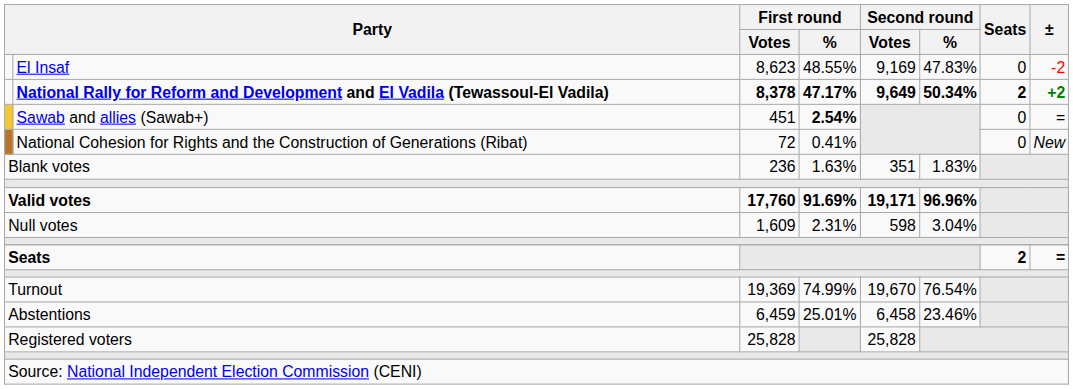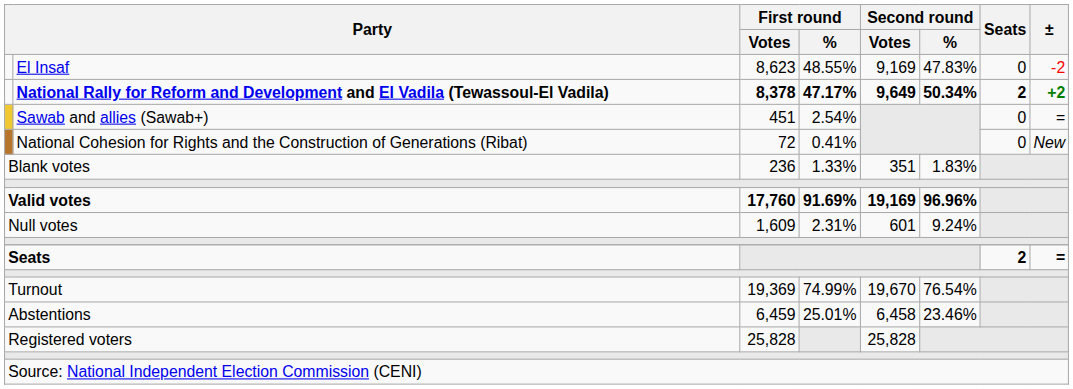 <table class="wikitable" style="text-align:right;font-size:95%;">
 <tr>
 <th rowspan="2" colspan="2" width="700">Party</th>
 <th colspan="2">First round</th>
 <th colspan="2">Second round</th>
 <th rowspan="2" width="25">Seats</th>
 <th rowspan="2" width="20">±</th>
 </tr>
 <tr>
 <th width="50">Votes</th>
 <th width="50">%</th>
 <th width="50">Votes</th>
 <th width="50">%</th>
 </tr>
 <tr>
 <td width="1" style="color:inherit;background:"></td>
 <td style="text-align:left;"><a href='#'>El Insaf</a></td>
 <td>8,623</td>
 <td>48.55%</td>
 <td>9,169</td>
 <td>47.83%</td>
 <td>0</td>
 <td style="color:red;">-2</td>
 </tr>
 <tr>
 <td width="1" style="color:inherit;background:"></td>
 <td style="text-align:left;"><strong><a href='#'>National Rally for Reform and Development</a> and <a href='#'>El Vadila</a> (Tewassoul-El Vadila)</strong></td>
 <td><strong>8,378</strong></td>
 <td><strong>47.17%</strong></td>
 <td><strong>9,649</strong></td>
 <td><strong>50.34%</strong></td>
 <td><strong>2</strong></td>
 <td style="color:green;"><strong>+2</strong></td>
 </tr>
 <tr>
 <td width="1" style="color:inherit;background:#F0C832;"></td>
 <td style="text-align:left;"><a href='#'>Sawab</a> and <a href='#'>allies</a> (Sawab+)</td>
 <td>451</td>
-<td><strong>2.54%</strong></td>
+<td>2.54%</td>
 <td colspan="2" rowspan="2" style="background:#E9E9E9;"></td>
 <td>0</td>
 <td>=</td>
 </tr>
 <tr>
 <td width="1" style="color:inherit;background:#B7752C;"></td>
 <td style="text-align:left;">National Cohesion for Rights and the Construction of Generations (Ribat)</td>
 <td>72</td>
 <td>0.41%</td>
 <td>0</td>
 <td><em>New</em></td>
 </tr>
 <tr>
 <td colspan="2" style="text-align:left;">Blank votes</td>
 <td>236</td>
-<td>1.63%</td>
+<td>1.33%</td>
 <td>351</td>
 <td>1.83%</td>
 <td colspan="2" style="background:#E9E9E9;"></td>
 </tr>
 <tr>
 <td colspan="8" style="background:#E9E9E9;"></td>
 </tr>
 <tr style="font-weight:bold;">
 <td colspan="2" style="text-align:left;">Valid votes</td>
 <td>17,760</td>
 <td>91.69%</td>
-<td>19,171</td>
+<td>19,169</td>
 <td>96.96%</td>
 <td colspan="2" style="background:#E9E9E9;"></td>
 </tr>
 <tr>
 <td colspan="2" style="text-align:left;">Null votes</td>
 <td>1,609</td>
 <td>2.31%</td>
-<td>598</td>
-<td>3.04%</td>
+<td>601</td>
+<td>9.24%</td>
 <td colspan="2" style="background:#E9E9E9;"></td>
 </tr>
 <tr>
 <td colspan="8" style="background:#E9E9E9;"></td>
 </tr>
 <tr>
 </tr>
 <tr style="font-weight:bold;">
 <td colspan="2" style="text-align:left;">Seats</td>
 <td colspan="4" style="background:#E9E9E9;"></td>
 <td>2</td>
 <td>=</td>
 </tr>
 <tr>
 <td colspan="8" style="background:#E9E9E9;"></td>
 </tr>
 <tr>
 <td colspan="2" style="text-align:left;">Turnout</td>
 <td>19,369</td>
 <td>74.99%</td>
 <td>19,670</td>
 <td>76.54%</td>
 <td colspan="2" style="background:#E9E9E9;"></td>
 </tr>
 <tr>
 <td colspan="2" style="text-align:left;">Abstentions</td>
 <td>6,459</td>
 <td>25.01%</td>
 <td>6,458</td>
 <td>23.46%</td>
 <td colspan="2" style="background:#E9E9E9;"></td>
 </tr>
 <tr>
 <td colspan="2" style="text-align:left;">Registered voters</td>
 <td>25,828</td>
 <td style="color:inherit;background:#E9E9E9;"></td>
 <td>25,828</td>
 <td colspan="3" style="background:#E9E9E9;"></td>
 </tr>
 <tr>
 <td colspan="8" style="background:#E9E9E9;"></td>
 </tr>
 <tr>
 <td colspan="8" style="text-align:left;">Source: <a href='#'>National Independent Election Commission</a> (CENI)</td>
 </tr>
 </table>
